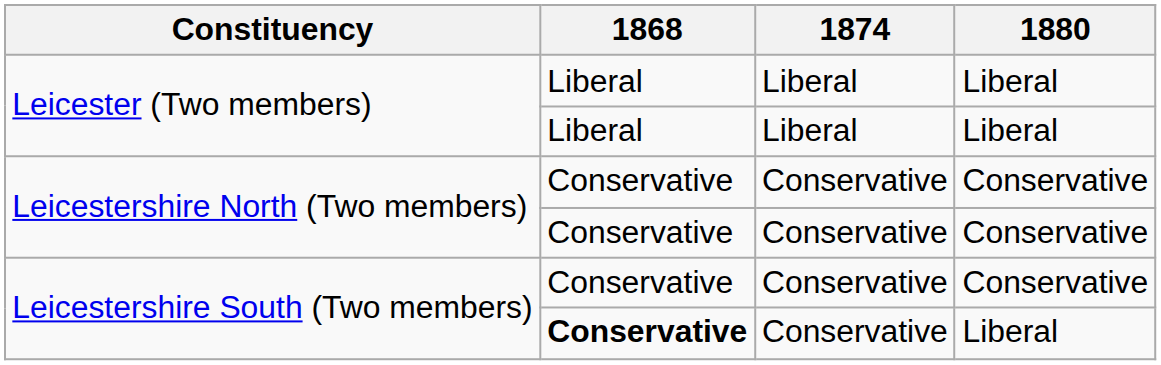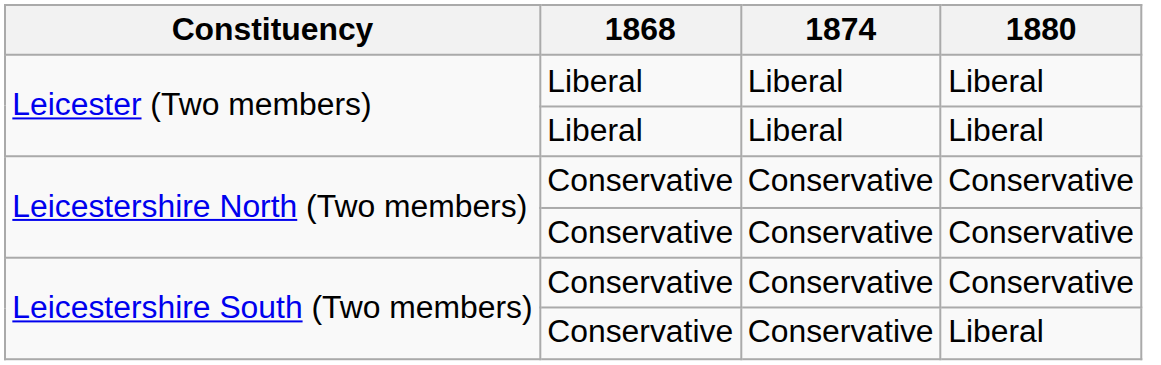 <table class="wikitable">
 <tr>
 <th>Constituency</th>
 <th>1868</th>
 <th>1874</th>
 <th>1880</th>
 </tr>
 <tr>
 <td rowspan="2"><a href='#'>Leicester</a> (Two members)</td>
 <td>Liberal</td>
 <td>Liberal</td>
 <td>Liberal</td>
 </tr>
 <tr>
 <td>Liberal</td>
 <td>Liberal</td>
 <td>Liberal</td>
 </tr>
 <tr>
 <td rowspan="2"><a href='#'>Leicestershire North</a> (Two members)</td>
 <td>Conservative</td>
 <td>Conservative</td>
 <td>Conservative</td>
 </tr>
 <tr>
 <td>Conservative</td>
 <td>Conservative</td>
 <td>Conservative</td>
 </tr>
 <tr>
 <td rowspan="2"><a href='#'>Leicestershire South</a> (Two members)</td>
 <td>Conservative</td>
 <td>Conservative</td>
 <td>Conservative</td>
 </tr>
 <tr>
-<td><strong>Conservative</strong></td>
+<td>Conservative</td>
 <td>Conservative</td>
 <td>Liberal</td>
 </tr>
 </table>
